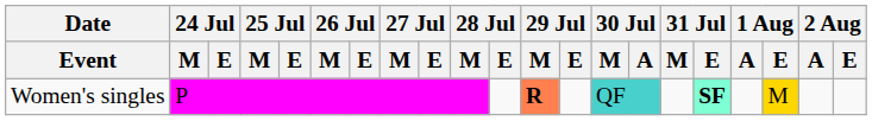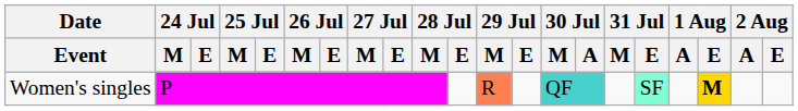 <table class="wikitable olympic-schedule Badminton">
 <tr>
 <th>Date</th>
 <th colspan="2">24 Jul</th>
 <th colspan="2">25 Jul</th>
 <th colspan="2">26 Jul</th>
 <th colspan="2">27 Jul</th>
 <th colspan="2">28 Jul</th>
 <th colspan="2">29 Jul</th>
 <th colspan="2">30 Jul</th>
 <th colspan="2">31 Jul</th>
 <th colspan="2">1 Aug</th>
 <th colspan="2">2 Aug</th>
 </tr>
 <tr>
 <th>Event</th>
 <th>M</th>
 <th>E</th>
 <th>M</th>
 <th>E</th>
 <th>M</th>
 <th>E</th>
 <th>M</th>
 <th>E</th>
 <th>M</th>
 <th>E</th>
 <th>M</th>
 <th>E</th>
 <th>M</th>
 <th>A</th>
 <th>M</th>
 <th>E</th>
 <th>A</th>
 <th>E</th>
 <th>A</th>
 <th>E</th>
 </tr>
 <tr>
 <td class="event">Women's singles</td>
 <td colspan=9 bgcolor="#FF00FF" class="prelims">P</td>
 <td></td>
-<td bgcolor="#FF7F50" class="roundof16"><strong>R</strong></td>
+<td bgcolor="#FF7F50" class="roundof16">R</td>
 <td></td>
 <td colspan=2 bgcolor="#48D1CC" class="quarterfinals">QF</td>
 <td></td>
-<td bgcolor="#7FFFD4" class="semifinals"><strong>SF</strong></td>
+<td bgcolor="#7FFFD4" class="semifinals">SF</td>
 <td></td>
-<td bgcolor="gold" class="finals">M</td>
+<td bgcolor="gold" class="finals"><strong>M</strong></td>
 <td></td>
 <td></td>
 </tr>
 </table>
